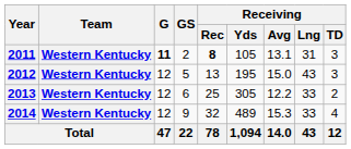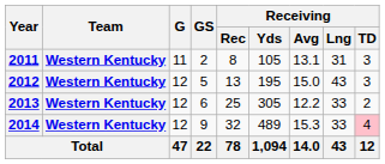 <table class="wikitable" style="text-align: center;">
 <tr>
 <th rowspan="2">Year</th>
 <th rowspan="2">Team</th>
 <th rowspan="2">G</th>
 <th rowspan="2">GS</th>
 <th colspan="5">Receiving</th>
 </tr>
 <tr>
 <th>Rec</th>
 <th>Yds</th>
 <th>Avg</th>
 <th>Lng</th>
 <th>TD</th>
 </tr>
 <tr>
 <th><a href='#'>2011</a></th>
 <th><a href='#'>Western Kentucky</a></th>
-<td><strong>11</strong></td>
+<td>11</td>
 <td>2</td>
-<td><strong>8</strong></td>
+<td>8</td>
 <td>105</td>
 <td>13.1</td>
 <td>31</td>
 <td>3</td>
 </tr>
 <tr>
 <th><a href='#'>2012</a></th>
 <th><a href='#'>Western Kentucky</a></th>
 <td>12</td>
 <td>5</td>
 <td>13</td>
 <td>195</td>
 <td>15.0</td>
 <td>43</td>
 <td>3</td>
 </tr>
 <tr>
 <th><a href='#'>2013</a></th>
 <th><a href='#'>Western Kentucky</a></th>
 <td>12</td>
 <td>6</td>
 <td>25</td>
 <td>305</td>
 <td>12.2</td>
 <td>33</td>
 <td>2</td>
 </tr>
 <tr>
 <th><a href='#'>2014</a></th>
 <th><a href='#'>Western Kentucky</a></th>
 <td>12</td>
 <td>9</td>
 <td>32</td>
 <td>489</td>
 <td>15.3</td>
 <td>33</td>
-<td>4</td>
+<td style="background: pink;">4</td>
 </tr>
 <tr>
 <th colspan="2">Total</th>
 <th>47</th>
 <th>22</th>
 <th>78</th>
 <th>1,094</th>
 <th>14.0</th>
 <th>43</th>
 <th>12</th>
 </tr>
 </table>
